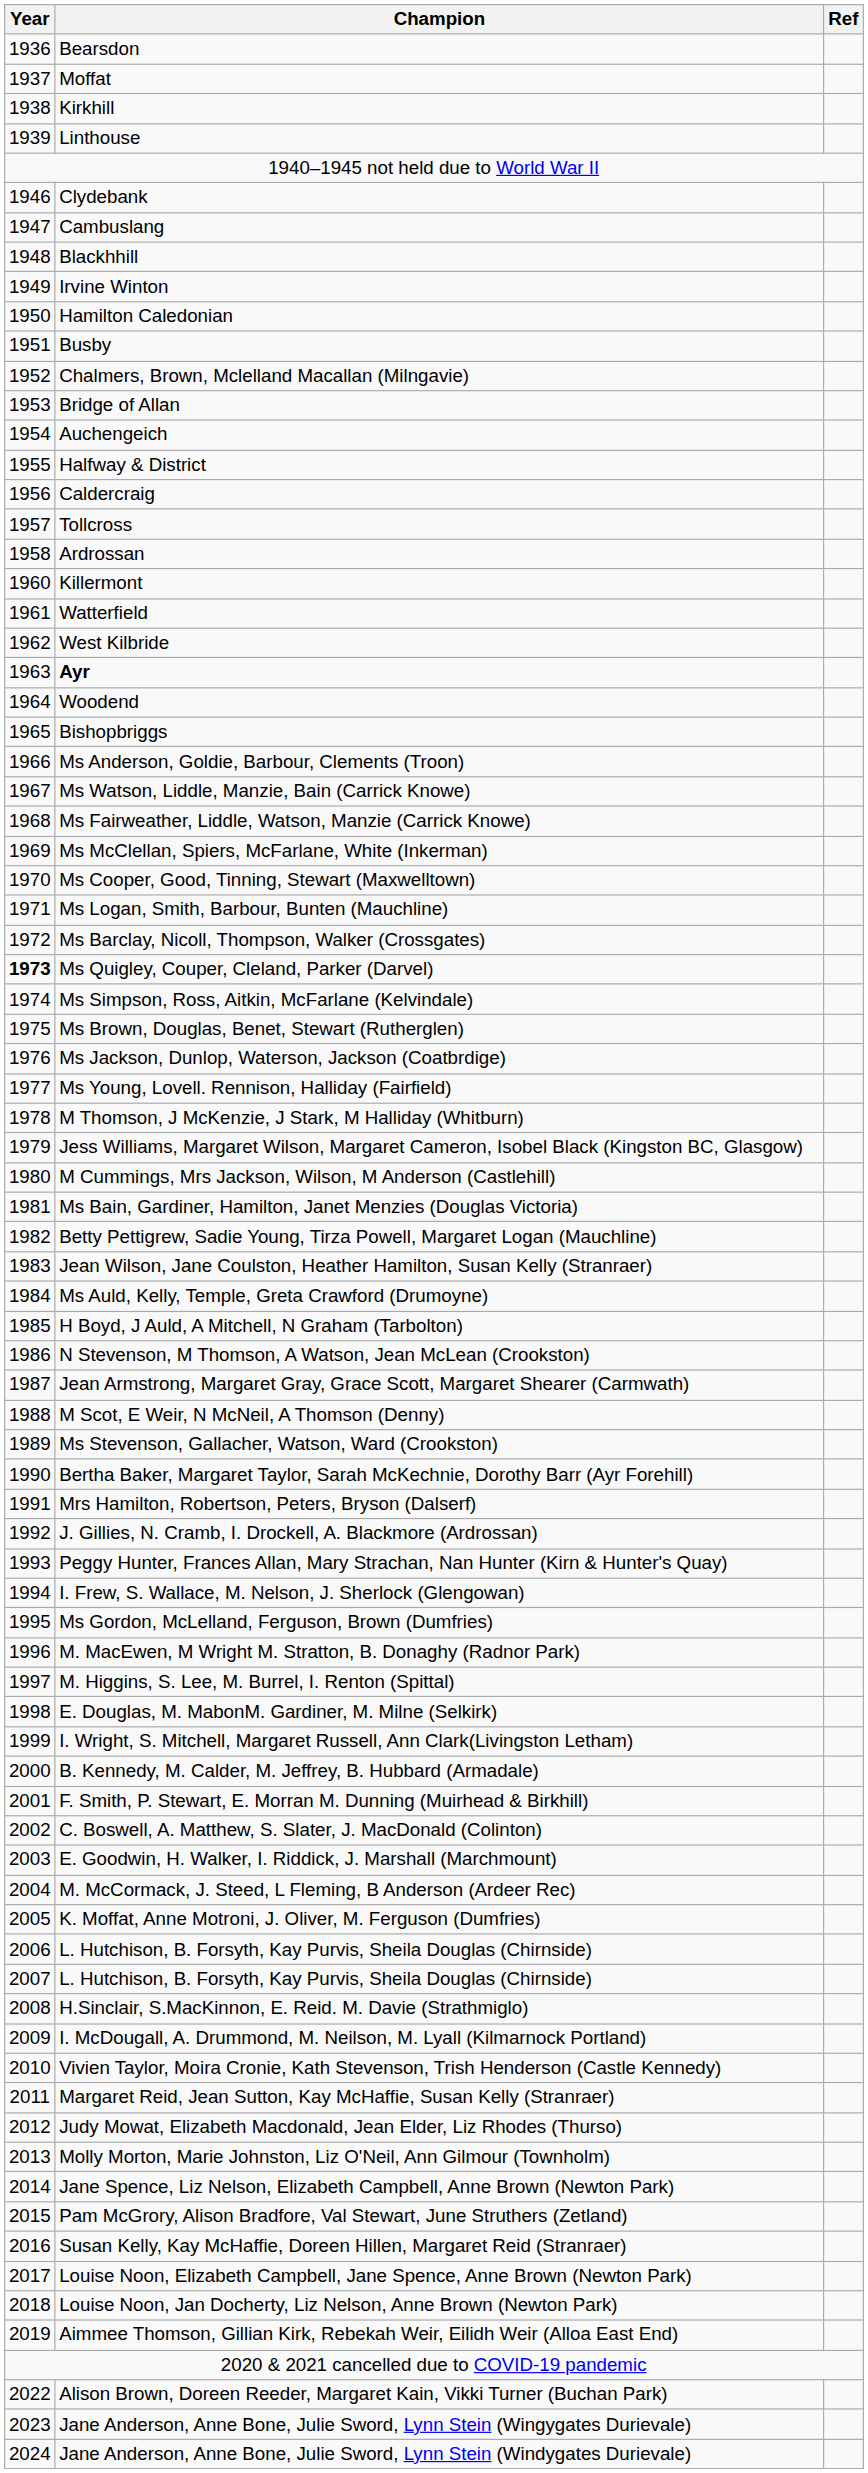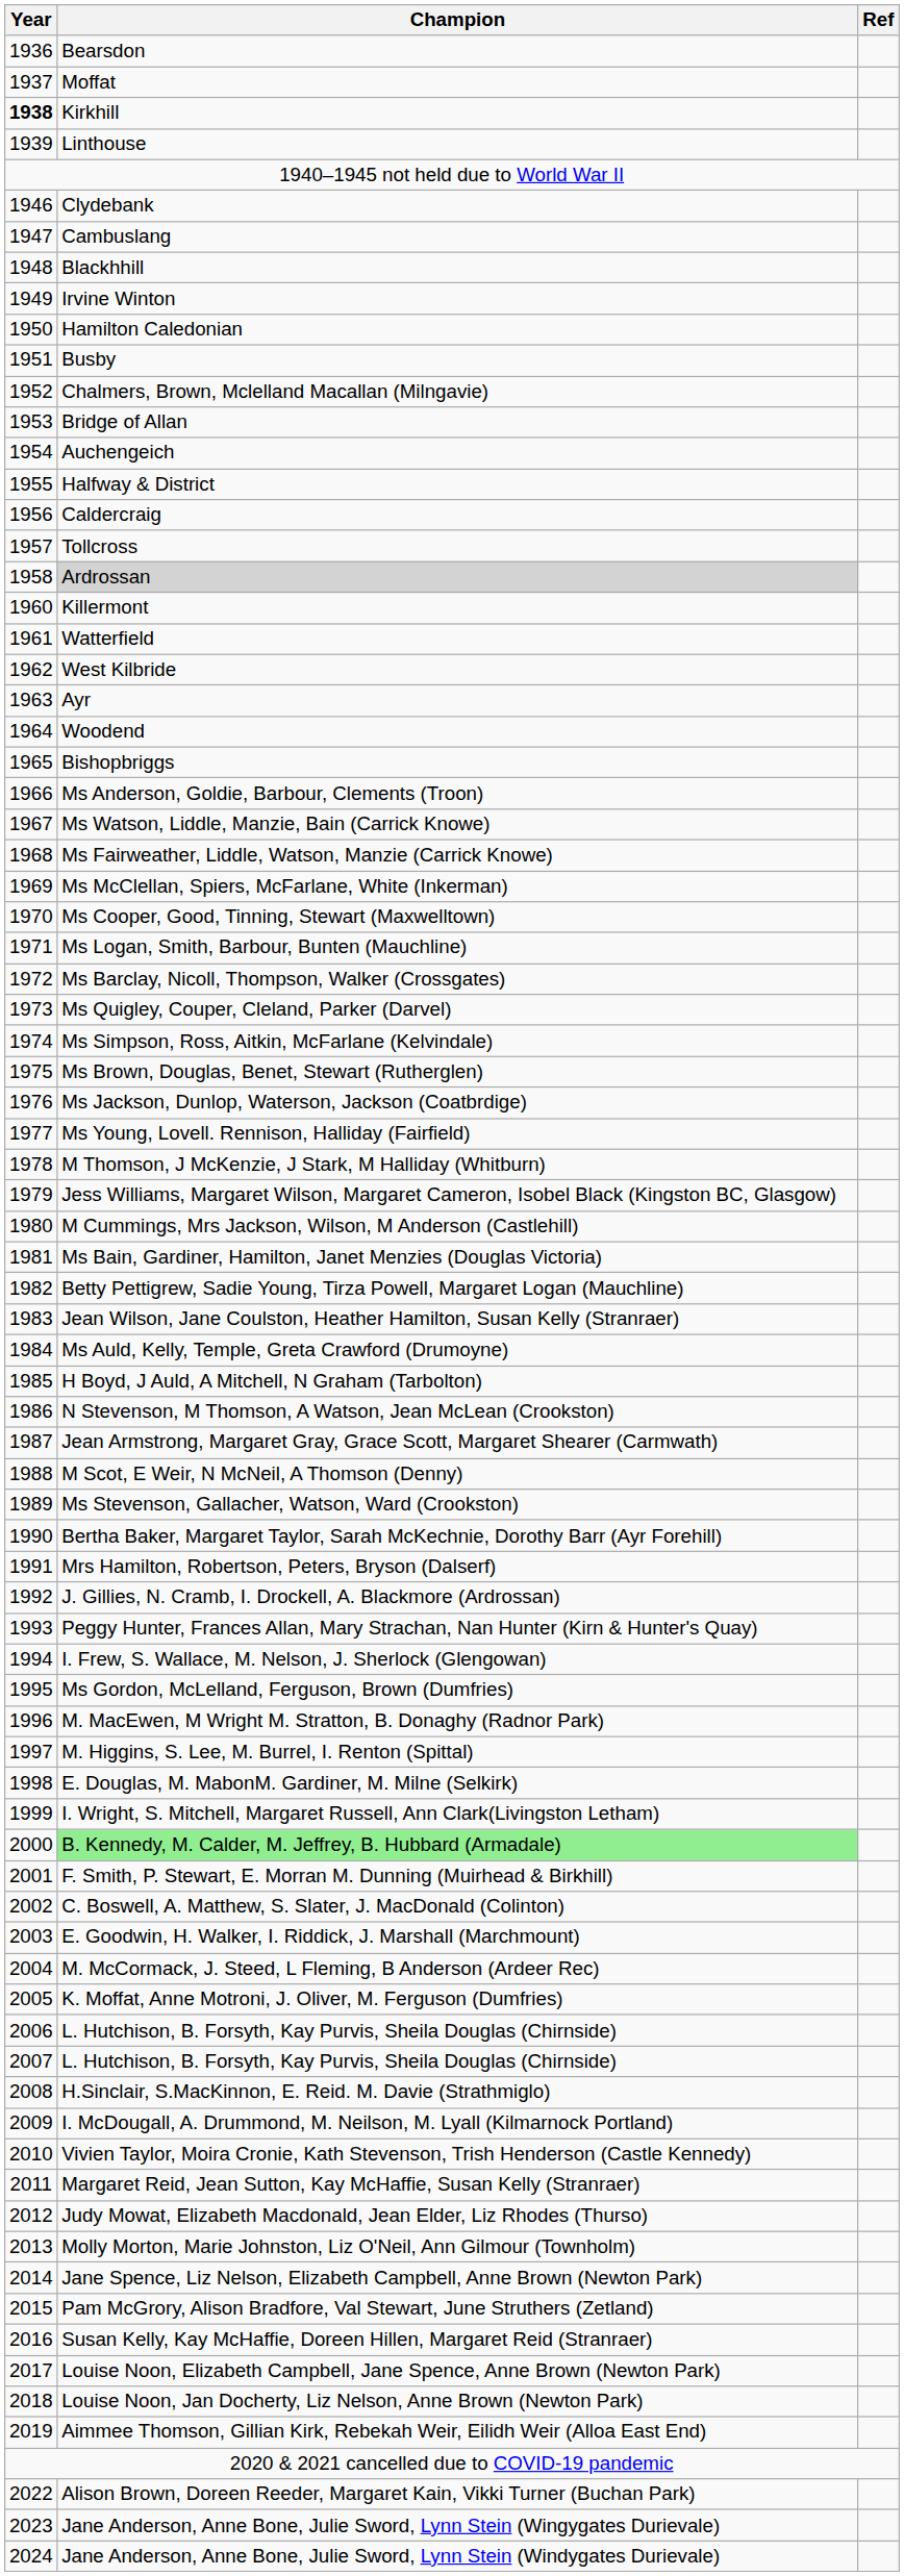 <table class="wikitable">
 <tr>
 <th width="30">Year</th>
 <th width="650">Champion</th>
 <th width="20">Ref</th>
 </tr>
 <tr>
 <td align=center>1936</td>
 <td>Bearsdon</td>
 <td></td>
 </tr>
 <tr>
 <td align=center>1937</td>
 <td>Moffat</td>
 <td></td>
 </tr>
 <tr>
-<td align=center>1938</td>
+<td align=center><strong>1938</strong></td>
 <td>Kirkhill</td>
 <td></td>
 </tr>
 <tr>
 <td align=center>1939</td>
 <td>Linthouse</td>
 <td></td>
 </tr>
 <tr align=center>
 <td colspan=3>1940–1945 not held due to <a href='#'>World War II</a></td>
 </tr>
 <tr>
 <td align=center>1946</td>
 <td>Clydebank</td>
 <td></td>
 </tr>
 <tr>
 <td align=center>1947</td>
 <td>Cambuslang</td>
 <td></td>
 </tr>
 <tr>
 <td align=center>1948</td>
 <td>Blackhhill</td>
 <td></td>
 </tr>
 <tr>
 <td align=center>1949</td>
 <td>Irvine Winton</td>
 <td></td>
 </tr>
 <tr>
 <td align=center>1950</td>
 <td>Hamilton Caledonian</td>
 <td></td>
 </tr>
 <tr>
 <td align=center>1951</td>
 <td>Busby</td>
 <td></td>
 </tr>
 <tr>
 <td align=center>1952</td>
 <td>Chalmers, Brown, Mclelland Macallan (Milngavie)</td>
 <td></td>
 </tr>
 <tr>
 <td align=center>1953</td>
 <td>Bridge of Allan</td>
 <td></td>
 </tr>
 <tr>
 <td align=center>1954</td>
 <td>Auchengeich</td>
 <td></td>
 </tr>
 <tr>
 <td align=center>1955</td>
 <td>Halfway & District</td>
 <td></td>
 </tr>
 <tr>
 <td align=center>1956</td>
 <td>Caldercraig</td>
 <td></td>
 </tr>
 <tr>
 <td align=center>1957</td>
 <td>Tollcross</td>
 <td></td>
 </tr>
 <tr>
 <td align=center>1958</td>
-<td>Ardrossan</td>
+<td style="background: lightgrey;">Ardrossan</td>
 <td></td>
 </tr>
 <tr>
 <td align=center>1960</td>
 <td>Killermont</td>
 <td></td>
 </tr>
 <tr>
 <td align=center>1961</td>
 <td>Watterfield</td>
 <td></td>
 </tr>
 <tr>
 <td align=center>1962</td>
 <td>West Kilbride</td>
 <td></td>
 </tr>
 <tr>
 <td align=center>1963</td>
-<td><strong>Ayr</strong></td>
+<td>Ayr</td>
 <td></td>
 </tr>
 <tr>
 <td align=center>1964</td>
 <td>Woodend</td>
 <td></td>
 </tr>
 <tr>
 <td align=center>1965</td>
 <td>Bishopbriggs</td>
 <td></td>
 </tr>
 <tr>
 <td align=center>1966</td>
 <td>Ms Anderson, Goldie, Barbour, Clements (Troon)</td>
 <td></td>
 </tr>
 <tr>
 <td align=center>1967</td>
 <td>Ms Watson, Liddle, Manzie, Bain (Carrick Knowe)</td>
 <td></td>
 </tr>
 <tr>
 <td align=center>1968</td>
 <td>Ms Fairweather, Liddle, Watson, Manzie (Carrick Knowe)</td>
 <td></td>
 </tr>
 <tr>
 <td align=center>1969</td>
 <td>Ms McClellan, Spiers, McFarlane, White (Inkerman)</td>
 <td></td>
 </tr>
 <tr>
 <td align=center>1970</td>
 <td>Ms Cooper, Good, Tinning, Stewart (Maxwelltown)</td>
 <td></td>
 </tr>
 <tr>
 <td align=center>1971</td>
 <td>Ms Logan, Smith, Barbour, Bunten (Mauchline)</td>
 <td></td>
 </tr>
 <tr>
 <td align=center>1972</td>
 <td>Ms Barclay, Nicoll, Thompson, Walker (Crossgates)</td>
 <td></td>
 </tr>
 <tr>
-<td align=center><strong>1973</strong></td>
+<td align=center>1973</td>
 <td>Ms Quigley, Couper, Cleland, Parker (Darvel)</td>
 <td></td>
 </tr>
 <tr>
 <td align=center>1974</td>
 <td>Ms Simpson, Ross, Aitkin, McFarlane (Kelvindale)</td>
 <td></td>
 </tr>
 <tr>
 <td align=center>1975</td>
 <td>Ms Brown, Douglas, Benet, Stewart (Rutherglen)</td>
 <td></td>
 </tr>
 <tr>
 <td align=center>1976</td>
 <td>Ms Jackson, Dunlop, Waterson, Jackson (Coatbrdige)</td>
 <td></td>
 </tr>
 <tr>
 <td align=center>1977</td>
 <td>Ms Young, Lovell. Rennison, Halliday (Fairfield)</td>
 <td></td>
 </tr>
 <tr>
 <td align=center>1978</td>
 <td>M Thomson, J McKenzie, J Stark, M Halliday (Whitburn)</td>
 <td></td>
 </tr>
 <tr>
 <td align=center>1979</td>
 <td>Jess Williams, Margaret Wilson, Margaret Cameron, Isobel Black (Kingston BC, Glasgow)</td>
 <td></td>
 </tr>
 <tr>
 <td align=center>1980</td>
 <td>M Cummings, Mrs Jackson, Wilson, M Anderson (Castlehill)</td>
 <td></td>
 </tr>
 <tr>
 <td align=center>1981</td>
 <td>Ms Bain, Gardiner, Hamilton, Janet Menzies (Douglas Victoria)</td>
 <td></td>
 </tr>
 <tr>
 <td align=center>1982</td>
 <td>Betty Pettigrew, Sadie Young, Tirza Powell, Margaret Logan (Mauchline)</td>
 <td></td>
 </tr>
 <tr>
 <td align=center>1983</td>
 <td>Jean Wilson, Jane Coulston, Heather Hamilton, Susan Kelly (Stranraer)</td>
 <td></td>
 </tr>
 <tr>
 <td align=center>1984</td>
 <td>Ms Auld, Kelly, Temple, Greta Crawford (Drumoyne)</td>
 <td></td>
 </tr>
 <tr>
 <td align=center>1985</td>
 <td>H Boyd, J Auld, A Mitchell, N Graham (Tarbolton)</td>
 <td></td>
 </tr>
 <tr>
 <td align=center>1986</td>
 <td>N Stevenson, M Thomson, A Watson, Jean McLean (Crookston)</td>
 <td></td>
 </tr>
 <tr>
 <td align=center>1987</td>
 <td>Jean Armstrong, Margaret Gray, Grace Scott, Margaret Shearer (Carmwath)</td>
 <td></td>
 </tr>
 <tr>
 <td align=center>1988</td>
 <td>M Scot, E Weir, N McNeil, A Thomson (Denny)</td>
 <td></td>
 </tr>
 <tr>
 <td align=center>1989</td>
 <td>Ms Stevenson, Gallacher, Watson, Ward (Crookston)</td>
 <td></td>
 </tr>
 <tr>
 <td align=center>1990</td>
 <td>Bertha Baker, Margaret Taylor, Sarah McKechnie, Dorothy Barr (Ayr Forehill)</td>
 <td></td>
 </tr>
 <tr>
 <td align=center>1991</td>
 <td>Mrs Hamilton, Robertson, Peters, Bryson (Dalserf)</td>
 <td></td>
 </tr>
 <tr>
 <td align=center>1992</td>
 <td>J. Gillies, N. Cramb, I. Drockell, A. Blackmore (Ardrossan)</td>
 <td></td>
 </tr>
 <tr>
 <td align=center>1993</td>
 <td>Peggy Hunter, Frances Allan, Mary Strachan, Nan Hunter (Kirn & Hunter's Quay)</td>
 <td></td>
 </tr>
 <tr>
 <td align=center>1994</td>
 <td>I. Frew, S. Wallace, M. Nelson, J. Sherlock (Glengowan)</td>
 <td></td>
 </tr>
 <tr>
 <td align=center>1995</td>
 <td>Ms Gordon, McLelland, Ferguson, Brown (Dumfries)</td>
 <td></td>
 </tr>
 <tr>
 <td align=center>1996</td>
 <td>M. MacEwen, M Wright M. Stratton, B. Donaghy (Radnor Park)</td>
 <td></td>
 </tr>
 <tr>
 <td align=center>1997</td>
 <td>M. Higgins, S. Lee, M. Burrel, I. Renton (Spittal)</td>
 <td></td>
 </tr>
 <tr>
 <td align=center>1998</td>
 <td>E. Douglas, M. MabonM. Gardiner, M. Milne (Selkirk)</td>
 <td></td>
 </tr>
 <tr>
 <td align=center>1999</td>
 <td>I. Wright, S. Mitchell, Margaret Russell, Ann Clark(Livingston Letham)</td>
 <td></td>
 </tr>
 <tr>
 <td align=center>2000</td>
-<td>B. Kennedy, M. Calder, M. Jeffrey, B. Hubbard (Armadale)</td>
+<td style="background: lightgreen;">B. Kennedy, M. Calder, M. Jeffrey, B. Hubbard (Armadale)</td>
 <td></td>
 </tr>
 <tr>
 <td align=center>2001</td>
 <td>F. Smith, P. Stewart, E. Morran M. Dunning (Muirhead & Birkhill)</td>
 <td></td>
 </tr>
 <tr>
 <td align=center>2002</td>
 <td>C. Boswell, A. Matthew, S. Slater, J. MacDonald (Colinton)</td>
 <td></td>
 </tr>
 <tr>
 <td align=center>2003</td>
 <td>E. Goodwin, H. Walker, I. Riddick, J. Marshall (Marchmount)</td>
 <td></td>
 </tr>
 <tr>
 <td align=center>2004</td>
 <td>M. McCormack, J. Steed, L Fleming, B Anderson (Ardeer Rec)</td>
 <td></td>
 </tr>
 <tr>
 <td align=center>2005</td>
 <td>K. Moffat, Anne Motroni, J. Oliver, M. Ferguson (Dumfries)</td>
 <td></td>
 </tr>
 <tr>
 <td align=center>2006</td>
 <td>L. Hutchison, B. Forsyth, Kay Purvis, Sheila Douglas (Chirnside)</td>
 <td></td>
 </tr>
 <tr>
 <td align=center>2007</td>
 <td>L. Hutchison, B. Forsyth, Kay Purvis, Sheila Douglas (Chirnside)</td>
 <td></td>
 </tr>
 <tr>
 <td align=center>2008</td>
 <td>H.Sinclair, S.MacKinnon, E. Reid. M. Davie (Strathmiglo)</td>
 <td></td>
 </tr>
 <tr>
 <td align=center>2009</td>
 <td>I. McDougall, A. Drummond, M. Neilson, M. Lyall (Kilmarnock Portland)</td>
 <td></td>
 </tr>
 <tr>
 <td align=center>2010</td>
 <td>Vivien Taylor, Moira Cronie, Kath Stevenson, Trish Henderson (Castle Kennedy)</td>
 <td></td>
 </tr>
 <tr>
 <td align=center>2011</td>
 <td>Margaret Reid, Jean Sutton, Kay McHaffie, Susan Kelly (Stranraer)</td>
 <td></td>
 </tr>
 <tr>
 <td align=center>2012</td>
 <td>Judy Mowat, Elizabeth Macdonald, Jean Elder, Liz Rhodes (Thurso)</td>
 <td></td>
 </tr>
 <tr>
 <td align=center>2013</td>
 <td>Molly Morton, Marie Johnston, Liz O'Neil, Ann Gilmour (Townholm)</td>
 <td></td>
 </tr>
 <tr>
 <td align=center>2014</td>
 <td>Jane Spence, Liz Nelson, Elizabeth Campbell, Anne Brown (Newton Park)</td>
 <td></td>
 </tr>
 <tr>
 <td align=center>2015</td>
 <td>Pam McGrory, Alison Bradfore, Val Stewart, June Struthers (Zetland)</td>
 <td></td>
 </tr>
 <tr>
 <td align=center>2016</td>
 <td>Susan Kelly, Kay McHaffie, Doreen Hillen, Margaret Reid (Stranraer)</td>
 <td></td>
 </tr>
 <tr>
 <td align=center>2017</td>
 <td>Louise Noon, Elizabeth Campbell, Jane Spence, Anne Brown (Newton Park)</td>
 <td></td>
 </tr>
 <tr>
 <td align=center>2018</td>
 <td>Louise Noon, Jan Docherty, Liz Nelson, Anne Brown (Newton Park)</td>
 <td></td>
 </tr>
 <tr>
 <td align=center>2019</td>
 <td>Aimmee Thomson, Gillian Kirk, Rebekah Weir, Eilidh Weir (Alloa East End)</td>
 <td></td>
 </tr>
 <tr align=center>
 <td colspan=3>2020 & 2021 cancelled due to <a href='#'>COVID-19 pandemic</a></td>
 </tr>
 <tr>
 <td align=center>2022</td>
 <td>Alison Brown, Doreen Reeder, Margaret Kain, Vikki Turner (Buchan Park)</td>
 <td></td>
 </tr>
 <tr>
 <td align=center>2023</td>
 <td>Jane Anderson, Anne Bone, Julie Sword, <a href='#'>Lynn Stein</a> (Wingygates Durievale)</td>
 <td></td>
 </tr>
 <tr>
 <td align=center>2024</td>
 <td>Jane Anderson, Anne Bone, Julie Sword, <a href='#'>Lynn Stein</a> (Windygates Durievale)</td>
 <td></td>
 </tr>
 </table>
